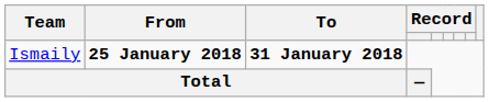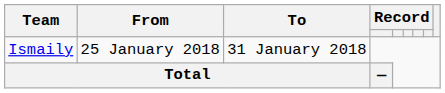 <table class=wikitable style=text-align:center>
 <tr>
 <th rowspan=2>Team</th>
 <th rowspan=2>From</th>
 <th rowspan=2>To</th>
 <th colspan=5>Record</th>
 <th rowspan=2></th>
 </tr>
 <tr>
 <th></th>
 <th></th>
 <th></th>
 <th></th>
 <th></th>
 </tr>
 <tr>
 <td align=left><a href='#'>Ismaily</a></td>
-<td align=left><strong>25 January 2018</strong></td>
-<td align=left><strong>31 January 2018<br></strong></td>
+<td align=left>25 January 2018</td>
+<td align=left>31 January 2018<br></td>
 </tr>
 <tr>
 <th colspan=3>Total<br></th>
 <th>—</th>
 </tr>
 </table>
